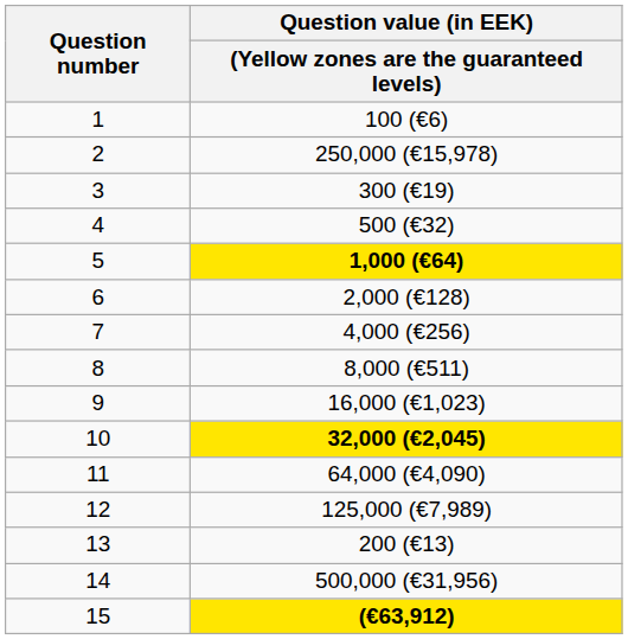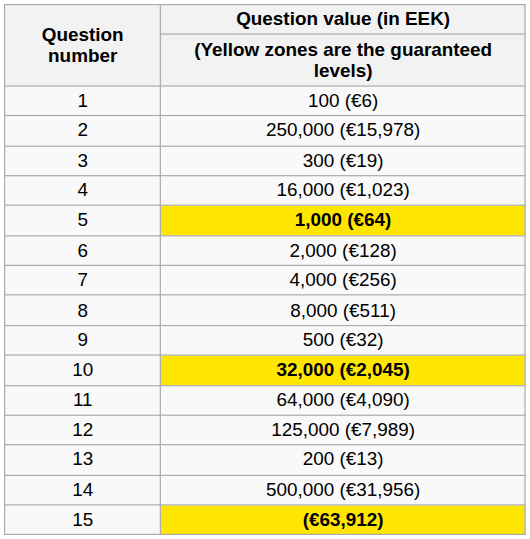 <table class="wikitable" style="text-align:center; border:1px;; cellpadding:2; cellspacing:0; width:35%;">
 <tr>
 <th rowspan="2" style="width: 30%">Question number</th>
 <th>Question value (in EEK)</th>
 </tr>
 <tr>
 <th style="width: 70%">(Yellow zones are the guaranteed levels)</th>
 </tr>
 <tr>
 <td>1</td>
 <td><span>100 (€6)</span></td>
 </tr>
 <tr>
 <td>2</td>
 <td><span>250,000 (€15,978)</span></td>
 </tr>
 <tr>
 <td>3</td>
 <td><span>300 (€19)</span></td>
 </tr>
 <tr>
 <td>4</td>
-<td><span>500 (€32)</span></td>
+<td><span>16,000 (€1,023)</span></td>
 </tr>
 <tr>
 <td>5</td>
 <td style="background: #FFE600"><span><strong>1,000 (€64)</strong></span></td>
 </tr>
 <tr>
 <td>6</td>
 <td><span>2,000 (€128)</span></td>
 </tr>
 <tr>
 <td>7</td>
 <td><span>4,000 (€256)</span></td>
 </tr>
 <tr>
 <td>8</td>
 <td><span>8,000 (€511)</span></td>
 </tr>
 <tr>
 <td>9</td>
-<td><span>16,000 (€1,023)</span></td>
+<td><span>500 (€32)</span></td>
 </tr>
 <tr>
 <td>10</td>
 <td style="background: #FFE600"><span><strong>32,000 (€2,045)</strong></span></td>
 </tr>
 <tr>
 <td>11</td>
 <td><span>64,000 (€4,090)</span></td>
 </tr>
 <tr>
 <td>12</td>
 <td><span>125,000 (€7,989)</span></td>
 </tr>
 <tr>
 <td>13</td>
 <td><span>200 (€13)</span></td>
 </tr>
 <tr>
 <td>14</td>
 <td><span>500,000 (€31,956)</span></td>
 </tr>
 <tr>
 <td>15</td>
 <td style="background: #FFE600"><span><strong> (€63,912)</strong></span></td>
 </tr>
 </table>
